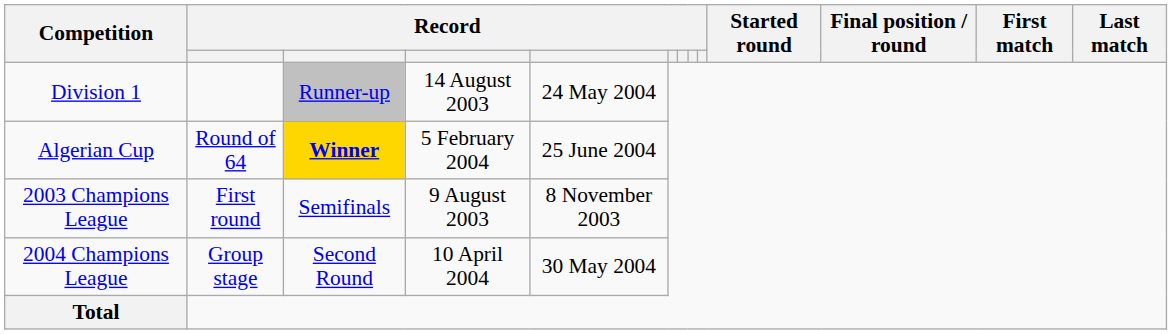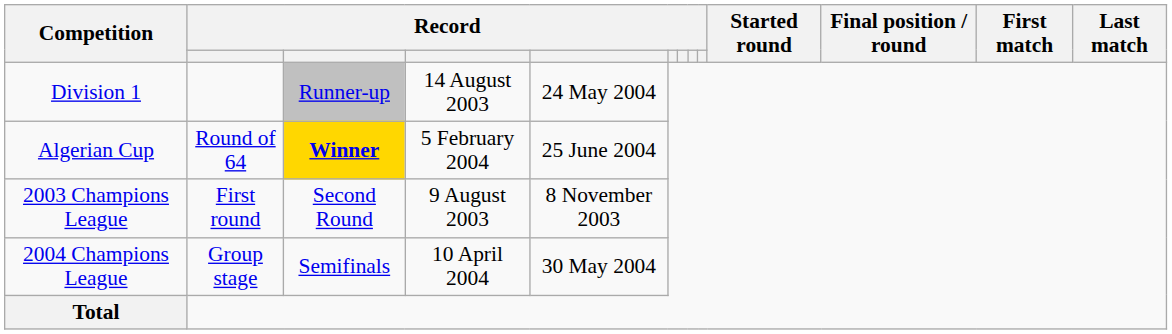 <table class="wikitable" style="text-align: center">
 <tr>
 <th rowspan=2>Competition</th>
 <th colspan=8>Record</th>
 <th rowspan=2>Started round</th>
 <th rowspan=2>Final position / round</th>
 <th rowspan=2>First match</th>
 <th rowspan=2>Last match</th>
 </tr>
 <tr>
 <th></th>
 <th></th>
 <th></th>
 <th></th>
 <th></th>
 <th></th>
 <th></th>
 <th></th>
 </tr>
 <tr>
 <td><a href='#'>Division 1</a><br></td>
 <td></td>
 <td style="background:silver;"><a href='#'>Runner-up</a></td>
 <td>14 August 2003</td>
 <td>24 May 2004</td>
 </tr>
 <tr>
 <td><a href='#'>Algerian Cup</a><br></td>
 <td><a href='#'>Round of 64</a></td>
 <td style="background:gold;"><a href='#'><strong>Winner</strong></a></td>
 <td>5 February 2004</td>
 <td>25 June 2004</td>
 </tr>
 <tr>
 <td><a href='#'>2003 Champions League</a><br></td>
 <td><a href='#'>First round</a></td>
-<td><a href='#'>Semifinals</a></td>
+<td><a href='#'>Second Round</a></td>
 <td>9 August 2003</td>
 <td>8 November 2003</td>
 </tr>
 <tr>
 <td><a href='#'>2004 Champions League</a><br></td>
 <td><a href='#'>Group stage</a></td>
-<td><a href='#'>Second Round</a></td>
+<td><a href='#'>Semifinals</a></td>
 <td>10 April 2004</td>
 <td>30 May 2004</td>
 </tr>
 <tr>
 <th>Total<br></th>
 </tr>
 </table>
